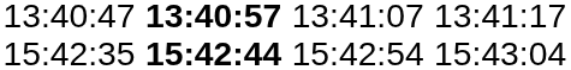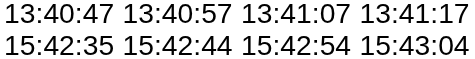 <table align="center">
 <tr>
 <td></td>
 <td></td>
 <td></td>
 <td></td>
 </tr>
 <tr align="center" style="font-size:smaller;">
 <td>13:40:47<br>15:42:35</td>
-<td><strong>13:40:57<br>15:42:44</strong></td>
+<td>13:40:57<br>15:42:44</td>
 <td>13:41:07<br>15:42:54</td>
 <td>13:41:17<br>15:43:04</td>
 </tr>
 </table>
